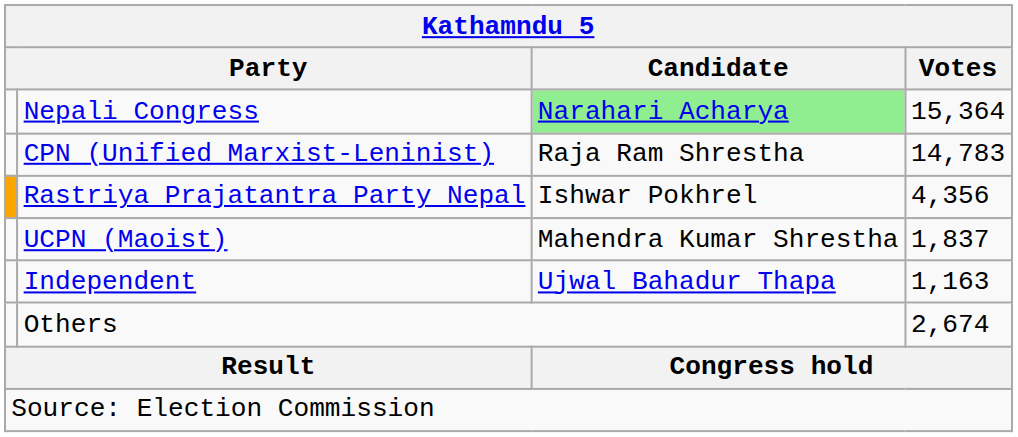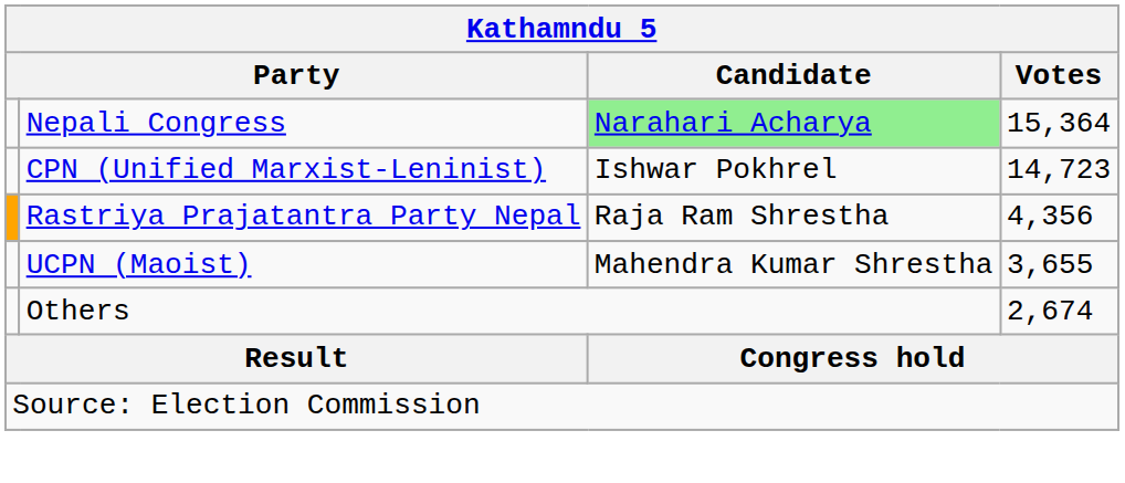 <table class="wikitable">
 <tr>
 <th colspan="4"><a href='#'>Kathamndu 5</a></th>
 </tr>
 <tr>
 <th colspan="2">Party</th>
 <th>Candidate</th>
 <th>Votes</th>
 </tr>
 <tr>
 <td style="background-color:"></td>
 <td><a href='#'>Nepali Congress</a></td>
 <td style="background: lightgreen;"><a href='#'>Narahari Acharya</a></td>
 <td>15,364</td>
 </tr>
 <tr>
 <td style="background-color:"></td>
 <td><a href='#'>CPN (Unified Marxist-Leninist)</a></td>
-<td>Raja Ram Shrestha</td>
-<td>14,783</td>
+<td>Ishwar Pokhrel</td>
+<td>14,723</td>
 </tr>
 <tr>
 <td style="background-color:orange"></td>
 <td><a href='#'>Rastriya Prajatantra Party Nepal</a></td>
-<td>Ishwar Pokhrel</td>
+<td>Raja Ram Shrestha</td>
 <td>4,356</td>
 </tr>
 <tr>
 <td style="background-color:"></td>
 <td><a href='#'>UCPN (Maoist)</a></td>
 <td>Mahendra Kumar Shrestha</td>
-<td>1,837</td>
-</tr>
-<tr>
-<td style="background-color:"></td>
-<td><a href='#'>Independent</a></td>
-<td><a href='#'>Ujwal Bahadur Thapa</a></td>
-<td>1,163</td>
+<td>3,655</td>
 </tr>
 <tr>
 <td></td>
 <td colspan="2">Others</td>
 <td>2,674</td>
 </tr>
 <tr>
 <th colspan="2">Result</th>
 <th colspan="2">Congress hold</th>
 </tr>
 <tr>
 <td colspan="4">Source: Election Commission</td>
 </tr>
 </table>
